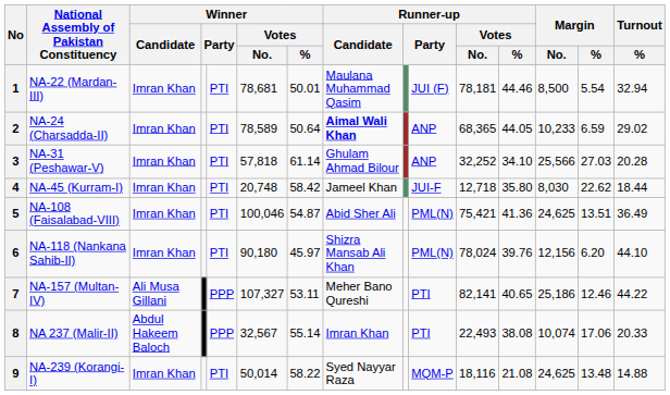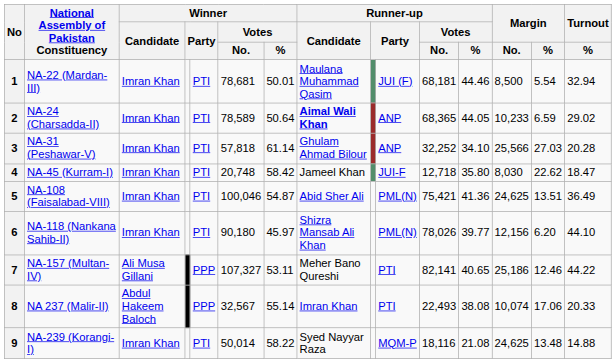 <table class="wikitable sortable">
 <tr>
 <th rowspan="3">No</th>
 <th rowspan="3"><a href='#'>National Assembly of Pakistan</a> Constituency</th>
 <th colspan="5">Winner</th>
 <th colspan="5">Runner-up</th>
 <th colspan="2" rowspan="2">Margin</th>
 <th rowspan="2">Turnout</th>
 </tr>
 <tr>
 <th rowspan="2">Candidate</th>
 <th colspan="2" rowspan="2">Party</th>
 <th colspan="2">Votes</th>
 <th rowspan="2">Candidate</th>
 <th colspan="2" rowspan="2">Party</th>
 <th colspan="2">Votes</th>
 </tr>
 <tr>
 <th>No.</th>
 <th>%</th>
 <th>No.</th>
 <th>%</th>
 <th>No.</th>
 <th>%</th>
 <th>%</th>
 </tr>
 <tr>
 <th>1</th>
 <td><a href='#'>NA-22 (Mardan-III)</a></td>
 <td><a href='#'>Imran Khan</a></td>
 <td></td>
 <td><a href='#'>PTI</a></td>
 <td>78,681</td>
 <td>50.01</td>
 <td><a href='#'>Maulana Muhammad Qasim</a></td>
 <td style="color:inherit;background:#528d6b"></td>
 <td><a href='#'>JUI (F)</a></td>
-<td>78,181</td>
+<td>68,181</td>
 <td>44.46</td>
 <td>8,500</td>
 <td>5.54</td>
 <td>32.94</td>
 </tr>
 <tr>
 <th>2</th>
 <td><a href='#'>NA-24 (Charsadda-II)</a></td>
 <td><a href='#'>Imran Khan</a></td>
 <td></td>
 <td><a href='#'>PTI</a></td>
 <td>78,589</td>
 <td>50.64</td>
 <td><strong><a href='#'>Aimal Wali Khan</a></strong></td>
 <td style="color:inherit;background:#9b2b2b"></td>
 <td><a href='#'>ANP</a></td>
 <td>68,365</td>
 <td>44.05</td>
 <td>10,233</td>
 <td>6.59</td>
 <td>29.02</td>
 </tr>
 <tr>
 <th>3</th>
 <td><a href='#'>NA-31 (Peshawar-V)</a></td>
 <td><a href='#'>Imran Khan</a></td>
 <td></td>
 <td><a href='#'>PTI</a></td>
 <td>57,818</td>
 <td>61.14</td>
 <td><a href='#'>Ghulam Ahmad Bilour</a></td>
 <td style="color:inherit;background:#9b2b2b"></td>
 <td><a href='#'>ANP</a></td>
 <td>32,252</td>
 <td>34.10</td>
 <td>25,566</td>
 <td>27.03</td>
 <td>20.28</td>
 </tr>
 <tr>
 <th>4</th>
 <td><a href='#'>NA-45 (Kurram-I)</a></td>
 <td><a href='#'>Imran Khan</a></td>
 <td></td>
 <td><a href='#'>PTI</a></td>
 <td>20,748</td>
 <td>58.42</td>
 <td>Jameel Khan</td>
 <td style="color:inherit;background:#528d6b"></td>
 <td><a href='#'>JUI-F</a></td>
 <td>12,718</td>
 <td>35.80</td>
 <td>8,030</td>
 <td>22.62</td>
-<td>18.44</td>
+<td>18.47</td>
 </tr>
 <tr>
 <th>5</th>
 <td><a href='#'>NA-108 (Faisalabad-VIII)</a></td>
 <td><a href='#'>Imran Khan</a></td>
 <td></td>
 <td><a href='#'>PTI</a></td>
 <td>100,046</td>
 <td>54.87</td>
 <td><a href='#'>Abid Sher Ali</a></td>
 <td></td>
 <td><a href='#'>PML(N)</a></td>
 <td>75,421</td>
 <td>41.36</td>
 <td>24,625</td>
 <td>13.51</td>
 <td>36.49</td>
 </tr>
 <tr>
 <th>6</th>
 <td><a href='#'>NA-118 (Nankana Sahib-II)</a></td>
 <td><a href='#'>Imran Khan</a></td>
 <td></td>
 <td><a href='#'>PTI</a></td>
 <td>90,180</td>
 <td>45.97</td>
 <td><a href='#'>Shizra Mansab Ali Khan</a></td>
 <td></td>
 <td><a href='#'>PML(N)</a></td>
-<td>78,024</td>
-<td>39.76</td>
+<td>78,026</td>
+<td>39.77</td>
 <td>12,156</td>
 <td>6.20</td>
 <td>44.10</td>
 </tr>
 <tr>
 <th>7</th>
 <td><a href='#'>NA-157 (Multan-IV)</a></td>
 <td><a href='#'>Ali Musa Gillani</a></td>
 <td style="color:inherit;background:#000000"></td>
 <td><a href='#'>PPP</a></td>
 <td>107,327</td>
 <td>53.11</td>
 <td>Meher Bano Qureshi</td>
 <td></td>
 <td><a href='#'>PTI</a></td>
 <td>82,141</td>
 <td>40.65</td>
 <td>25,186</td>
 <td>12.46</td>
 <td>44.22</td>
 </tr>
 <tr>
 <th>8</th>
 <td><a href='#'>NA 237 (Malir-II)</a></td>
 <td><a href='#'>Abdul Hakeem Baloch</a></td>
 <td style="color:inherit;background:#000000"></td>
 <td><a href='#'>PPP</a></td>
 <td>32,567</td>
 <td>55.14</td>
 <td><a href='#'>Imran Khan</a></td>
 <td></td>
 <td><a href='#'>PTI</a></td>
 <td>22,493</td>
 <td>38.08</td>
 <td>10,074</td>
 <td>17.06</td>
 <td>20.33</td>
 </tr>
 <tr>
 <th>9</th>
 <td><a href='#'>NA-239 (Korangi-I)</a></td>
 <td><a href='#'>Imran Khan</a></td>
 <td></td>
 <td><a href='#'>PTI</a></td>
 <td>50,014</td>
 <td>58.22</td>
 <td>Syed Nayyar Raza</td>
 <td></td>
 <td><a href='#'>MQM-P</a></td>
 <td>18,116</td>
 <td>21.08</td>
 <td>24,625</td>
 <td>13.48</td>
 <td>14.88</td>
 </tr>
 </table>
